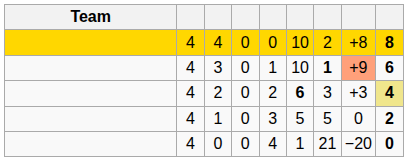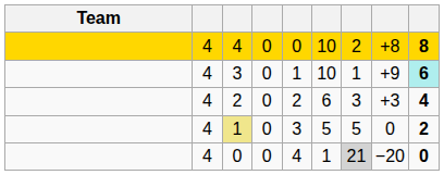 <table class="wikitable" style="text-align:center">
 <tr>
 <th width=165>Team</th>
 <th width=20></th>
 <th width=20></th>
 <th width=20></th>
 <th width=20></th>
 <th width=20></th>
 <th width=20></th>
 <th width=20></th>
 <th width=20></th>
 </tr>
 <tr align=center bgcolor=gold>
 <td align=left></td>
 <td>4</td>
 <td>4</td>
 <td>0</td>
 <td>0</td>
 <td>10</td>
 <td>2</td>
 <td>+8</td>
 <td><strong>8</strong></td>
 </tr>
 <tr align=center>
 <td align=left></td>
 <td>4</td>
 <td>3</td>
 <td>0</td>
 <td>1</td>
 <td>10</td>
-<td><strong>1</strong></td>
-<td style="background: lightsalmon;">+9</td>
-<td><strong>6</strong></td>
+<td>1</td>
+<td>+9</td>
+<td style="background: paleturquoise;"><strong>6</strong></td>
 </tr>
 <tr align=center>
 <td align=left></td>
 <td>4</td>
 <td>2</td>
 <td>0</td>
 <td>2</td>
-<td><strong>6</strong></td>
+<td>6</td>
 <td>3</td>
 <td>+3</td>
-<td style="background: khaki;"><strong>4</strong></td>
+<td><strong>4</strong></td>
 </tr>
 <tr align=center>
 <td align=left></td>
 <td>4</td>
-<td>1</td>
+<td style="background: khaki;">1</td>
 <td>0</td>
 <td>3</td>
 <td>5</td>
 <td>5</td>
 <td>0</td>
 <td><strong>2</strong></td>
 </tr>
 <tr align=center>
 <td align=left></td>
 <td>4</td>
 <td>0</td>
 <td>0</td>
 <td>4</td>
 <td>1</td>
-<td>21</td>
+<td style="background: lightgrey;">21</td>
 <td>−20</td>
 <td><strong>0</strong></td>
 </tr>
 </table>
